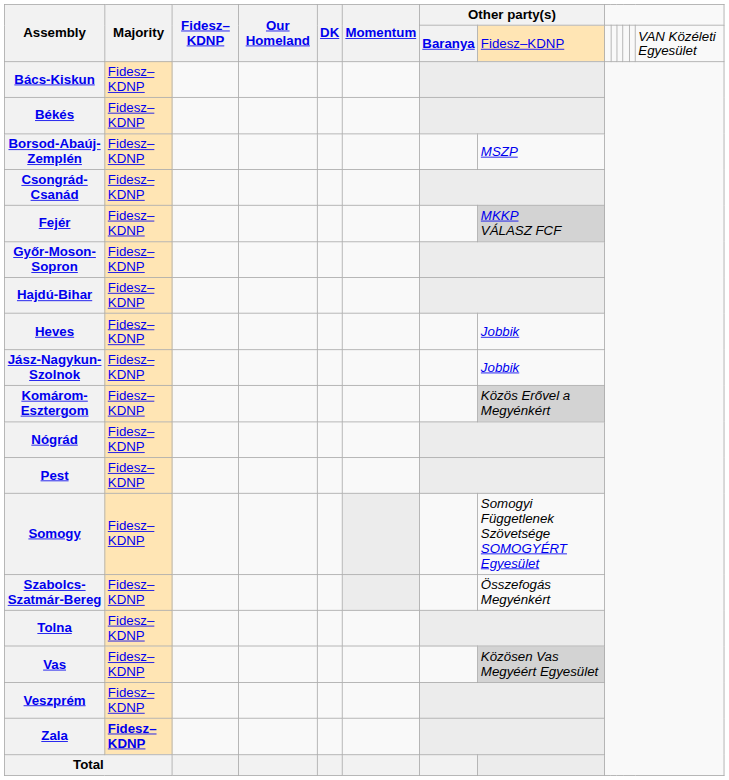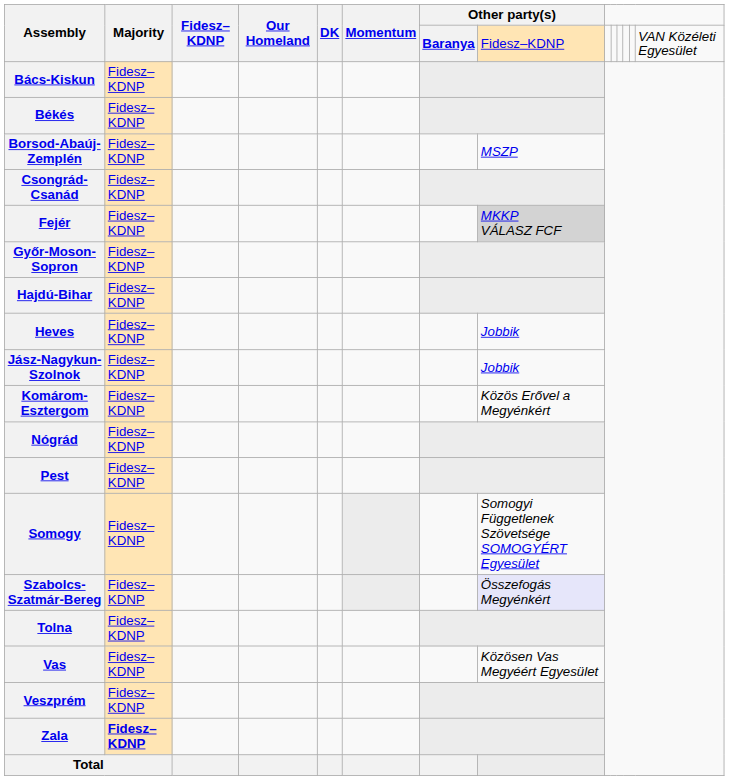 <table class="wikitable sortable">
 <tr>
 <th rowspan="2">Assembly</th>
 <th rowspan="2">Majority</th>
 <th rowspan="2"><a href='#'>Fidesz–KDNP</a></th>
 <th rowspan="2"><a href='#'>Our Homeland</a></th>
 <th rowspan="2"><a href='#'>DK</a></th>
 <th rowspan="2"><a href='#'>Momentum</a></th>
 <th colspan="2">Other party(s)</th>
 </tr>
 <tr>
 <th><a href='#'>Baranya</a></th>
 <td style="background: #FFE5B4;"><a href='#'>Fidesz–KDNP</a></td>
 <td></td>
 <td></td>
 <td></td>
 <td></td>
 <td></td>
 <td><em>VAN Közéleti Egyesület</em> </td>
 </tr>
 <tr>
 <th><a href='#'>Bács-Kiskun</a></th>
 <td style="background: #FFE5B4;"><a href='#'>Fidesz–KDNP</a></td>
 <td></td>
 <td></td>
 <td></td>
 <td></td>
 <td colspan="2"; style="background: #ececec; color:gray;"></td>
 </tr>
 <tr>
 <th><a href='#'>Békés</a></th>
 <td style="background: #FFE5B4;"><a href='#'>Fidesz–KDNP</a></td>
 <td></td>
 <td></td>
 <td></td>
 <td></td>
 <td colspan="2"; style="background: #ececec; color:gray;"></td>
 </tr>
 <tr>
 <th><a href='#'>Borsod-Abaúj-Zemplén</a></th>
 <td style="background: #FFE5B4;"><a href='#'>Fidesz–KDNP</a></td>
 <td></td>
 <td></td>
 <td></td>
 <td></td>
 <td></td>
 <td><em><a href='#'>MSZP</a></em> </td>
 </tr>
 <tr>
 <th><a href='#'>Csongrád-Csanád</a></th>
 <td style="background: #FFE5B4;"><a href='#'>Fidesz–KDNP</a></td>
 <td></td>
 <td></td>
 <td></td>
 <td></td>
 <td colspan="2"; style="background: #ececec; color:gray;"></td>
 </tr>
 <tr>
 <th><a href='#'>Fejér</a></th>
 <td style="background: #FFE5B4;"><a href='#'>Fidesz–KDNP</a></td>
 <td></td>
 <td></td>
 <td></td>
 <td></td>
 <td></td>
 <td style="background: lightgrey;"><em><a href='#'>MKKP</a></em> <br><em>VÁLASZ FCF</em> </td>
 </tr>
 <tr>
 <th><a href='#'>Győr-Moson-Sopron</a></th>
 <td style="background: #FFE5B4;"><a href='#'>Fidesz–KDNP</a></td>
 <td></td>
 <td></td>
 <td></td>
 <td></td>
 <td colspan="2"; style="background: #ececec; color:gray;"></td>
 </tr>
 <tr>
 <th><a href='#'>Hajdú-Bihar</a></th>
 <td style="background: #FFE5B4;"><a href='#'>Fidesz–KDNP</a></td>
 <td></td>
 <td></td>
 <td></td>
 <td></td>
 <td colspan="2"; style="background: #ececec; color:gray;"></td>
 </tr>
 <tr>
 <th><a href='#'>Heves</a></th>
 <td style="background: #FFE5B4;"><a href='#'>Fidesz–KDNP</a></td>
 <td></td>
 <td></td>
 <td></td>
 <td></td>
 <td></td>
 <td><em><a href='#'>Jobbik</a></em> </td>
 </tr>
 <tr>
 <th><a href='#'>Jász-Nagykun-Szolnok</a></th>
 <td style="background: #FFE5B4;"><a href='#'>Fidesz–KDNP</a></td>
 <td></td>
 <td></td>
 <td></td>
 <td></td>
 <td></td>
 <td><em><a href='#'>Jobbik</a></em> </td>
 </tr>
 <tr>
 <th><a href='#'>Komárom-Esztergom</a></th>
 <td style="background: #FFE5B4;"><a href='#'>Fidesz–KDNP</a></td>
 <td></td>
 <td></td>
 <td></td>
 <td></td>
 <td></td>
-<td style="background: lightgrey;"><em>Közös Erővel a Megyénkért</em> </td>
+<td><em>Közös Erővel a Megyénkért</em> </td>
 </tr>
 <tr>
 <th><a href='#'>Nógrád</a></th>
 <td style="background: #FFE5B4;"><a href='#'>Fidesz–KDNP</a></td>
 <td></td>
 <td></td>
 <td></td>
 <td></td>
 <td colspan="2"; style="background: #ececec; color:gray;"></td>
 </tr>
 <tr>
 <th><a href='#'>Pest</a></th>
 <td style="background: #FFE5B4;"><a href='#'>Fidesz–KDNP</a></td>
 <td></td>
 <td></td>
 <td></td>
 <td></td>
 <td colspan="2"; style="background: #ececec; color:gray;"></td>
 </tr>
 <tr>
 <th><a href='#'>Somogy</a></th>
 <td style="background: #FFE5B4;"><a href='#'>Fidesz–KDNP</a></td>
 <td></td>
 <td></td>
 <td></td>
 <td style="background: #ececec; color:gray;"></td>
 <td></td>
 <td><em>Somogyi Függetlenek Szövetsége</em> <br><em><a href='#'>SOMOGYÉRT Egyesület</a></em> </td>
 </tr>
 <tr>
 <th><a href='#'>Szabolcs-Szatmár-Bereg</a></th>
 <td style="background: #FFE5B4;"><a href='#'>Fidesz–KDNP</a></td>
 <td></td>
 <td></td>
 <td></td>
 <td style="background: #ececec; color:gray;"></td>
 <td></td>
-<td><em>Összefogás Megyénkért</em> </td>
+<td style="background: lavender;"><em>Összefogás Megyénkért</em> </td>
 </tr>
 <tr>
 <th><a href='#'>Tolna</a></th>
 <td style="background: #FFE5B4;"><a href='#'>Fidesz–KDNP</a></td>
 <td></td>
 <td></td>
 <td></td>
 <td></td>
 <td colspan="2"; style="background: #ececec; color:gray;"></td>
 </tr>
 <tr>
 <th><a href='#'>Vas</a></th>
 <td style="background: #FFE5B4;"><a href='#'>Fidesz–KDNP</a></td>
 <td></td>
 <td></td>
 <td></td>
 <td></td>
 <td></td>
-<td style="background: lightgrey;"><em>Közösen Vas Megyéért Egyesület</em> </td>
+<td><em>Közösen Vas Megyéért Egyesület</em> </td>
 </tr>
 <tr>
 <th><a href='#'>Veszprém</a></th>
 <td style="background: #FFE5B4;"><a href='#'>Fidesz–KDNP</a></td>
 <td></td>
 <td></td>
 <td></td>
 <td></td>
 <td colspan="2"; style="background: #ececec; color:gray;"></td>
 </tr>
 <tr>
 <th><a href='#'>Zala</a></th>
 <td style="background: #FFE5B4;"><strong><a href='#'>Fidesz–KDNP</a></strong></td>
 <td></td>
 <td></td>
 <td></td>
 <td></td>
 <td colspan="2"; style="background: #ececec; color:gray;"></td>
 </tr>
 <tr>
 <th colspan=2>Total</th>
 <th></th>
 <th></th>
 <th></th>
 <th></th>
 <th></th>
 <th style="background: #ececec; color:gray;"></th>
 </tr>
 </table>
